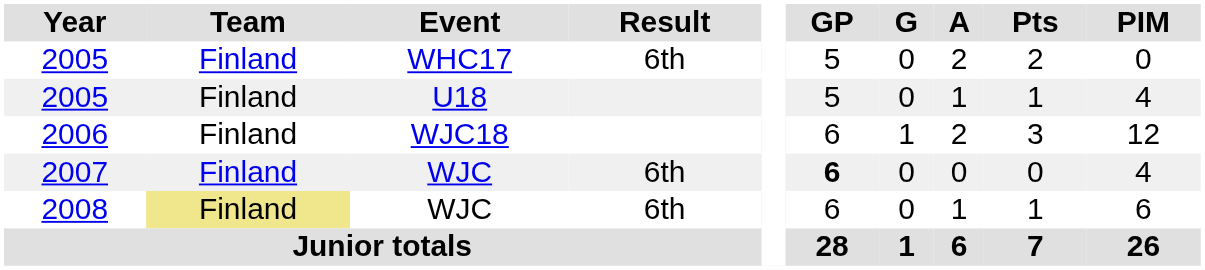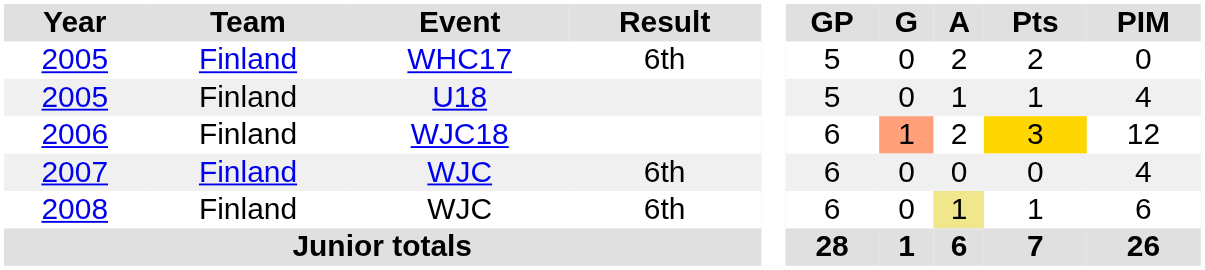 <table border="0" cellpadding="1" cellspacing="0" style="text-align:center; width:40em">
 <tr ALIGN="center" bgcolor="#e0e0e0">
 <th>Year</th>
 <th>Team</th>
 <th>Event</th>
 <th>Result</th>
 <th rowspan="99" bgcolor="#ffffff"> </th>
 <th>GP</th>
 <th>G</th>
 <th>A</th>
 <th>Pts</th>
 <th>PIM</th>
 </tr>
 <tr>
 <td><a href='#'>2005</a></td>
 <td><a href='#'>Finland</a></td>
 <td><a href='#'>WHC17</a></td>
 <td>6th</td>
 <td>5</td>
 <td>0</td>
 <td>2</td>
 <td>2</td>
 <td>0</td>
 </tr>
 <tr bgcolor="#f0f0f0">
 <td><a href='#'>2005</a></td>
 <td>Finland</td>
 <td><a href='#'>U18</a></td>
 <td></td>
 <td>5</td>
 <td>0</td>
 <td>1</td>
 <td>1</td>
 <td>4</td>
 </tr>
 <tr>
 <td><a href='#'>2006</a></td>
 <td>Finland</td>
 <td><a href='#'>WJC18</a></td>
 <td></td>
 <td>6</td>
-<td>1</td>
+<td style="background: lightsalmon;">1</td>
 <td>2</td>
-<td>3</td>
+<td style="background: gold;">3</td>
 <td>12</td>
 </tr>
 <tr bgcolor="#f0f0f0">
 <td><a href='#'>2007</a></td>
 <td><a href='#'>Finland</a></td>
 <td><a href='#'>WJC</a></td>
 <td>6th</td>
-<td><strong>6</strong></td>
+<td>6</td>
 <td>0</td>
 <td>0</td>
 <td>0</td>
 <td>4</td>
 </tr>
 <tr>
 <td><a href='#'>2008</a></td>
-<td style="background: khaki;">Finland</td>
+<td>Finland</td>
 <td>WJC</td>
 <td>6th</td>
 <td>6</td>
 <td>0</td>
-<td>1</td>
+<td style="background: khaki;">1</td>
 <td>1</td>
 <td>6</td>
 </tr>
 <tr bgcolor="#e0e0e0">
 <th colspan=4>Junior totals</th>
 <th>28</th>
 <th>1</th>
 <th>6</th>
 <th>7</th>
 <th>26</th>
 </tr>
 </table>
